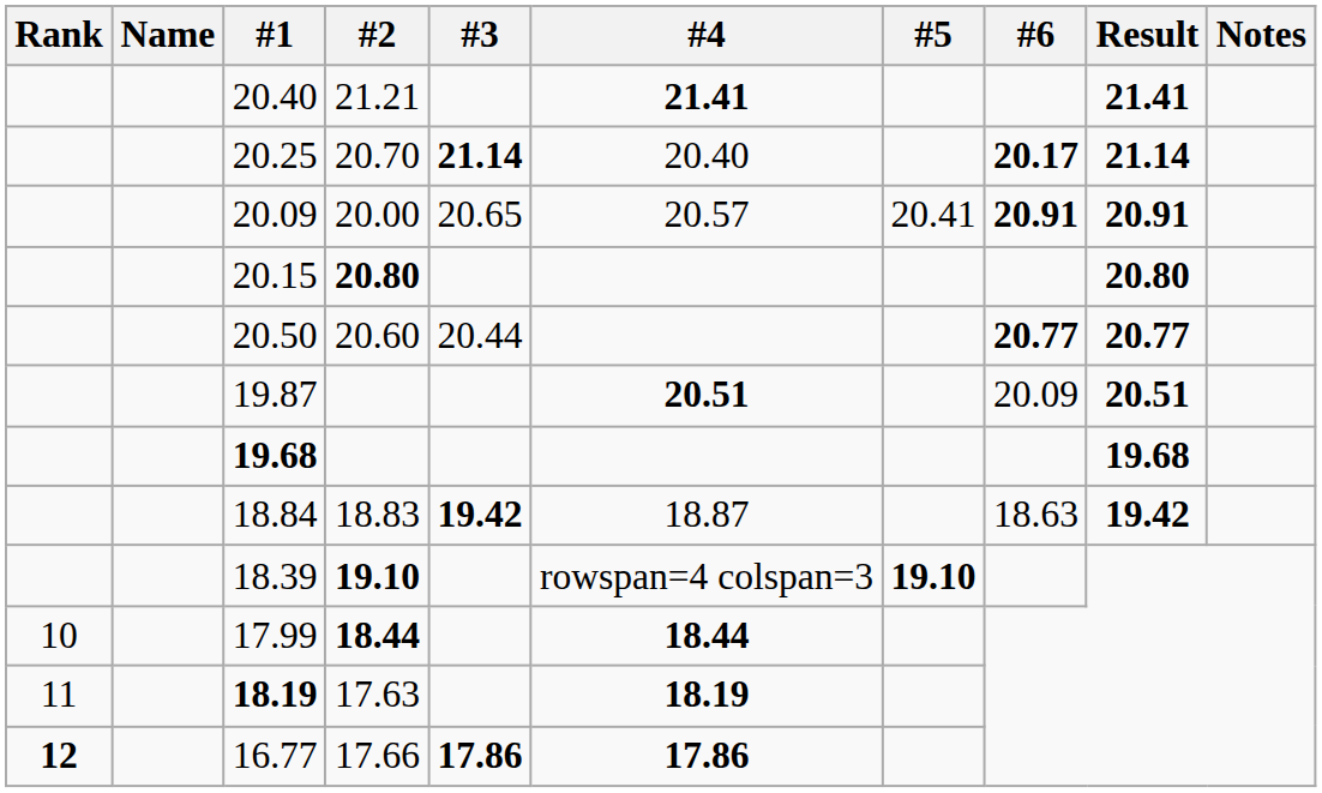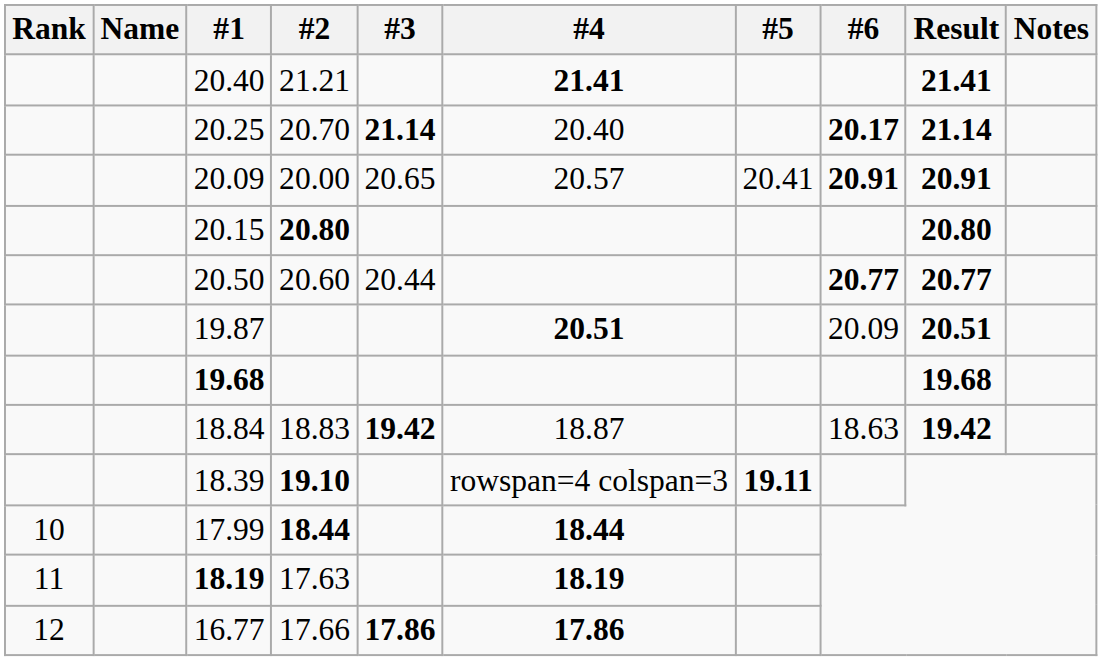 <table class="wikitable sortable" style="text-align:center">
 <tr>
 <th>Rank</th>
 <th>Name</th>
 <th>#1</th>
 <th>#2</th>
 <th>#3</th>
 <th>#4</th>
 <th>#5</th>
 <th>#6</th>
 <th>Result</th>
 <th>Notes</th>
 </tr>
 <tr>
 <td></td>
 <td align=left></td>
 <td>20.40</td>
 <td>21.21</td>
 <td></td>
 <td><strong>21.41</strong></td>
 <td></td>
 <td></td>
 <td><strong>21.41</strong></td>
 <td></td>
 </tr>
 <tr>
 <td></td>
 <td align=left></td>
 <td>20.25</td>
 <td>20.70</td>
 <td><strong>21.14</strong></td>
 <td>20.40</td>
 <td></td>
 <td><strong>20.17</strong></td>
 <td><strong>21.14</strong></td>
 <td></td>
 </tr>
 <tr>
 <td></td>
 <td align=left></td>
 <td>20.09</td>
 <td>20.00</td>
 <td>20.65</td>
 <td>20.57</td>
 <td>20.41</td>
 <td><strong>20.91</strong></td>
 <td><strong>20.91</strong></td>
 <td></td>
 </tr>
 <tr>
 <td></td>
 <td align=left></td>
 <td>20.15</td>
 <td><strong>20.80</strong></td>
 <td></td>
 <td></td>
 <td></td>
 <td></td>
 <td><strong>20.80</strong></td>
 <td></td>
 </tr>
 <tr>
 <td></td>
 <td align=left></td>
 <td>20.50</td>
 <td>20.60</td>
 <td>20.44</td>
 <td></td>
 <td></td>
 <td><strong>20.77</strong></td>
 <td><strong>20.77</strong></td>
 <td></td>
 </tr>
 <tr>
 <td></td>
 <td align=left></td>
 <td>19.87</td>
 <td></td>
 <td></td>
 <td><strong>20.51</strong></td>
 <td></td>
 <td>20.09</td>
 <td><strong>20.51</strong></td>
 <td></td>
 </tr>
 <tr>
 <td></td>
 <td align=left></td>
 <td><strong>19.68</strong></td>
 <td></td>
 <td></td>
 <td></td>
 <td></td>
 <td></td>
 <td><strong>19.68</strong></td>
 <td></td>
 </tr>
 <tr>
 <td></td>
 <td align=left></td>
 <td>18.84</td>
 <td>18.83</td>
 <td><strong>19.42</strong></td>
 <td>18.87</td>
 <td></td>
 <td>18.63</td>
 <td><strong>19.42</strong></td>
 <td></td>
 </tr>
 <tr>
 <td></td>
 <td align=left></td>
 <td>18.39</td>
 <td><strong>19.10</strong></td>
 <td></td>
 <td>rowspan=4 colspan=3 </td>
-<td><strong>19.10</strong></td>
+<td><strong>19.11</strong></td>
 <td></td>
 </tr>
 <tr>
 <td>10</td>
 <td align=left></td>
 <td>17.99</td>
 <td><strong>18.44</strong></td>
 <td></td>
 <td><strong>18.44</strong></td>
 <td></td>
 </tr>
 <tr>
 <td>11</td>
 <td align=left></td>
 <td><strong>18.19</strong></td>
 <td>17.63</td>
 <td></td>
 <td><strong>18.19</strong></td>
 <td></td>
 </tr>
 <tr>
-<td><strong>12</strong></td>
+<td>12</td>
 <td align=left></td>
 <td>16.77</td>
 <td>17.66</td>
 <td><strong>17.86</strong></td>
 <td><strong>17.86</strong></td>
 <td></td>
 </tr>
 </table>
